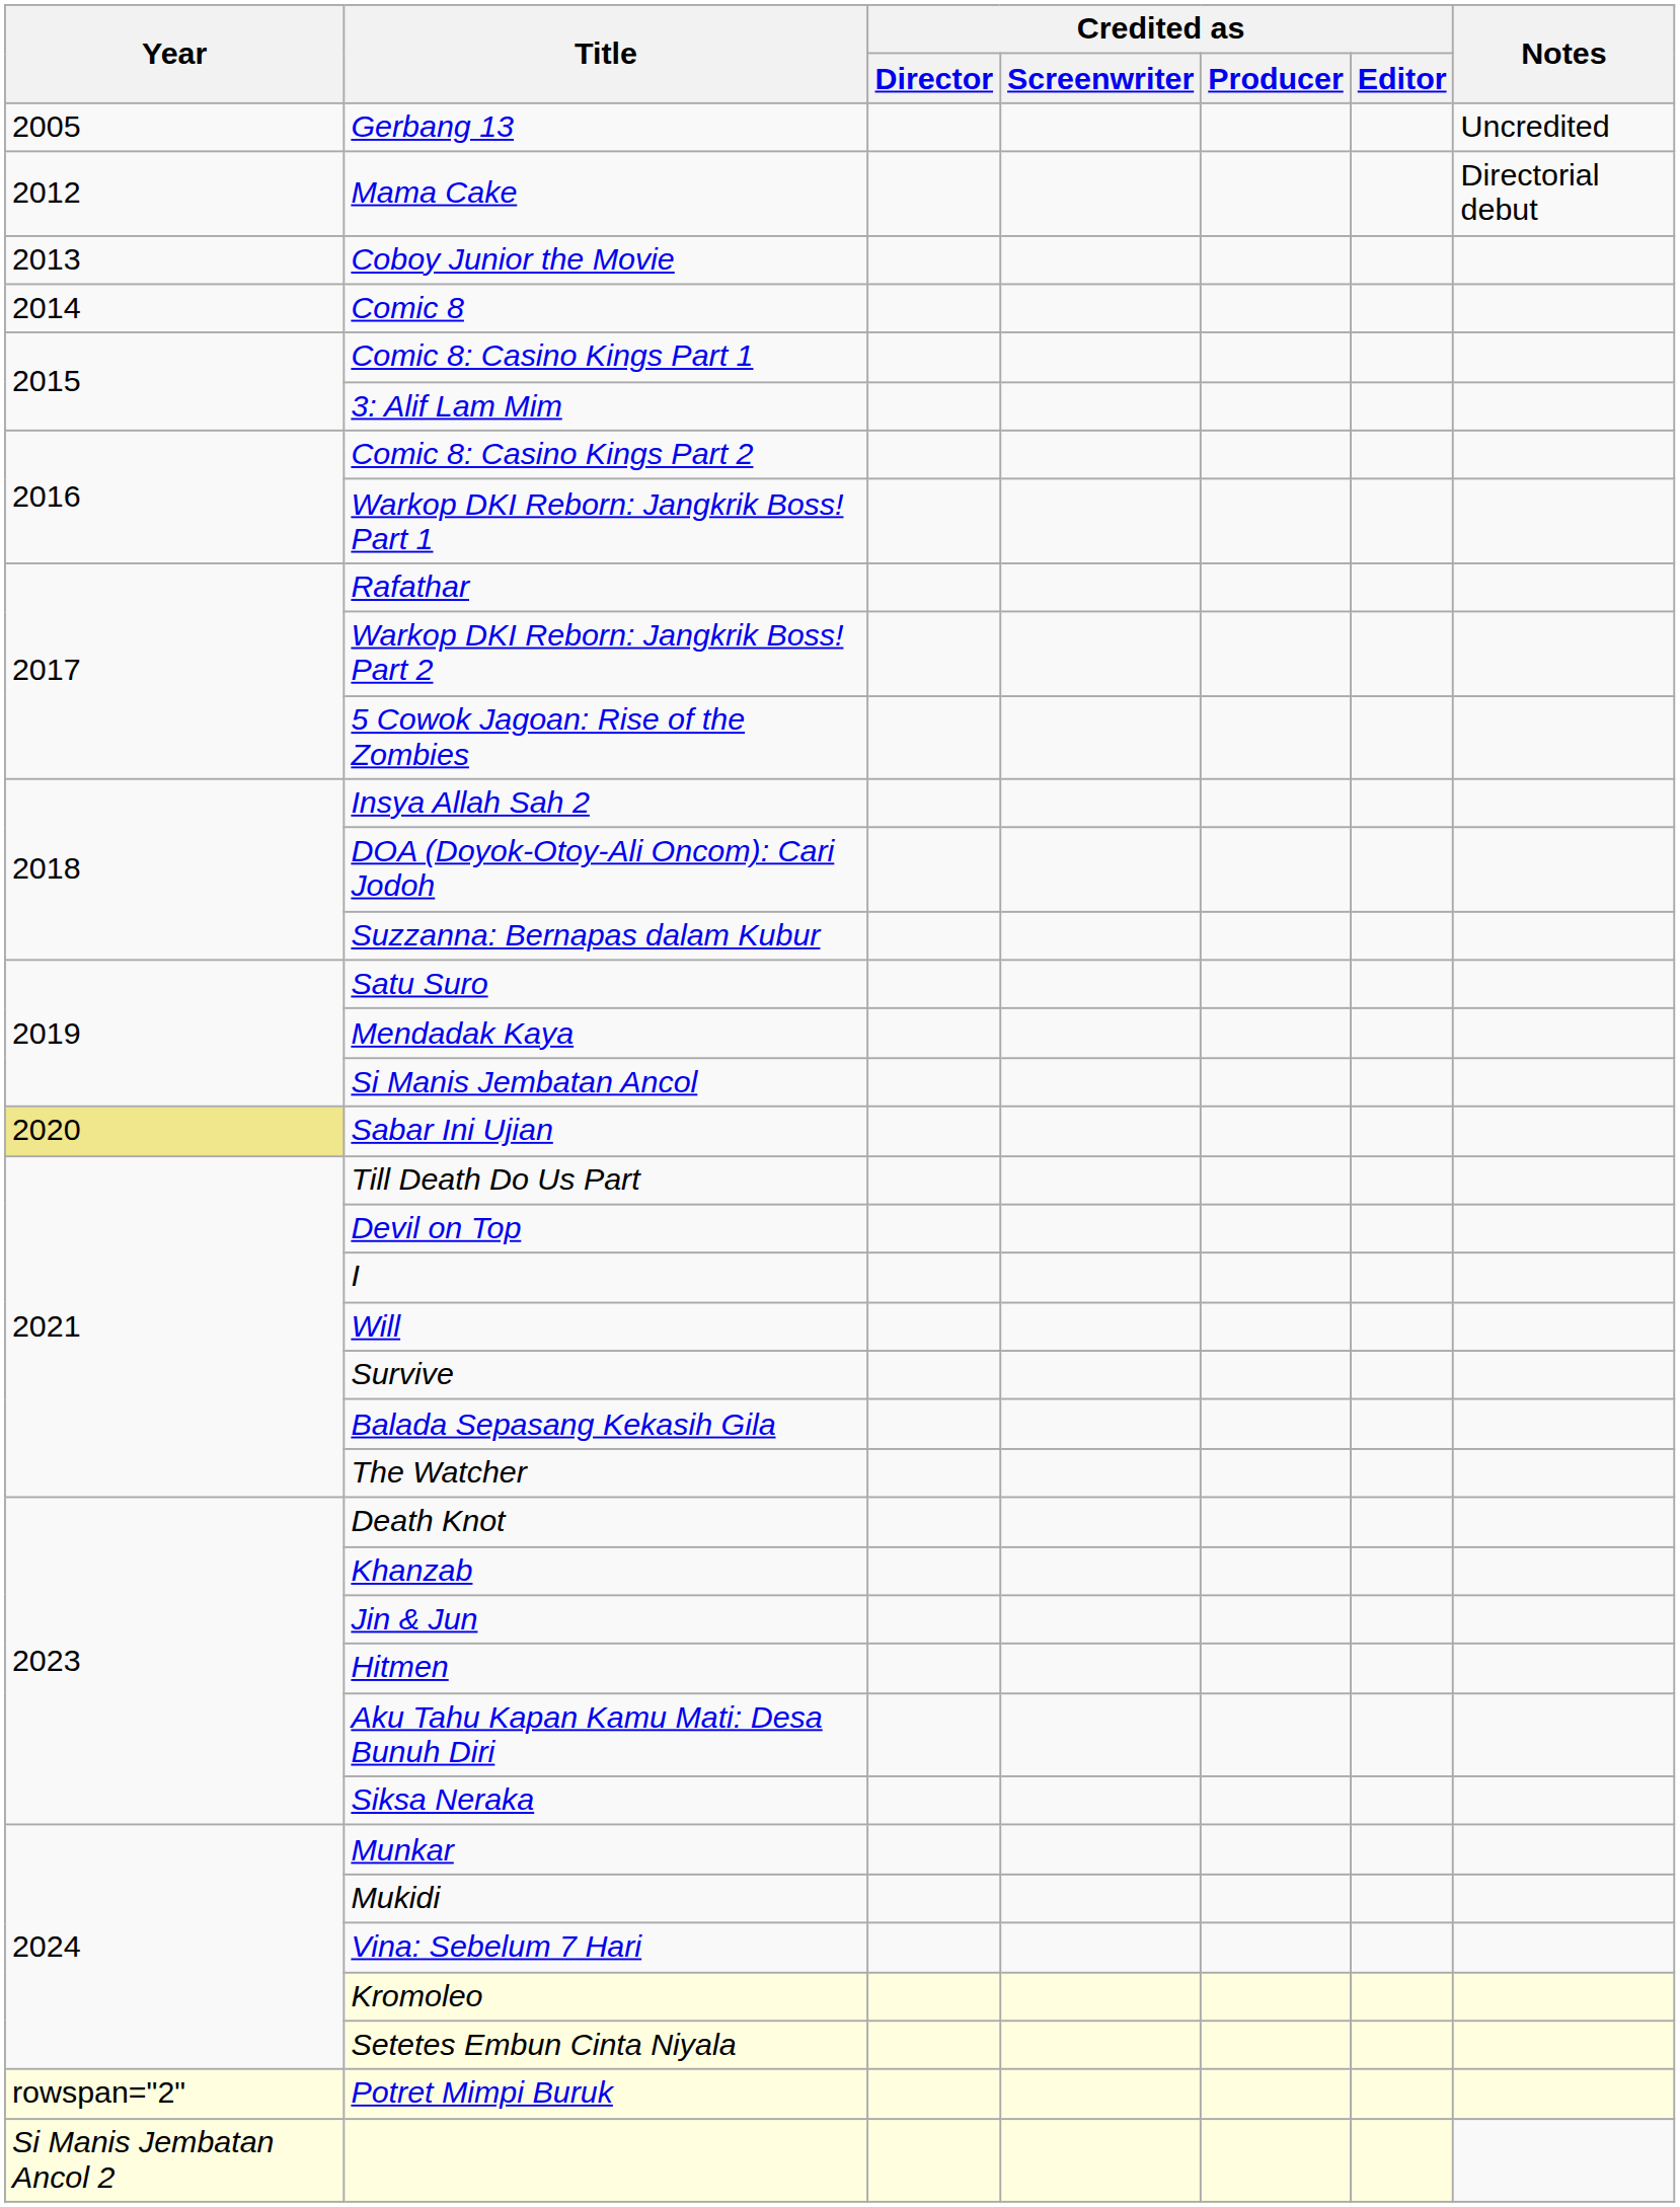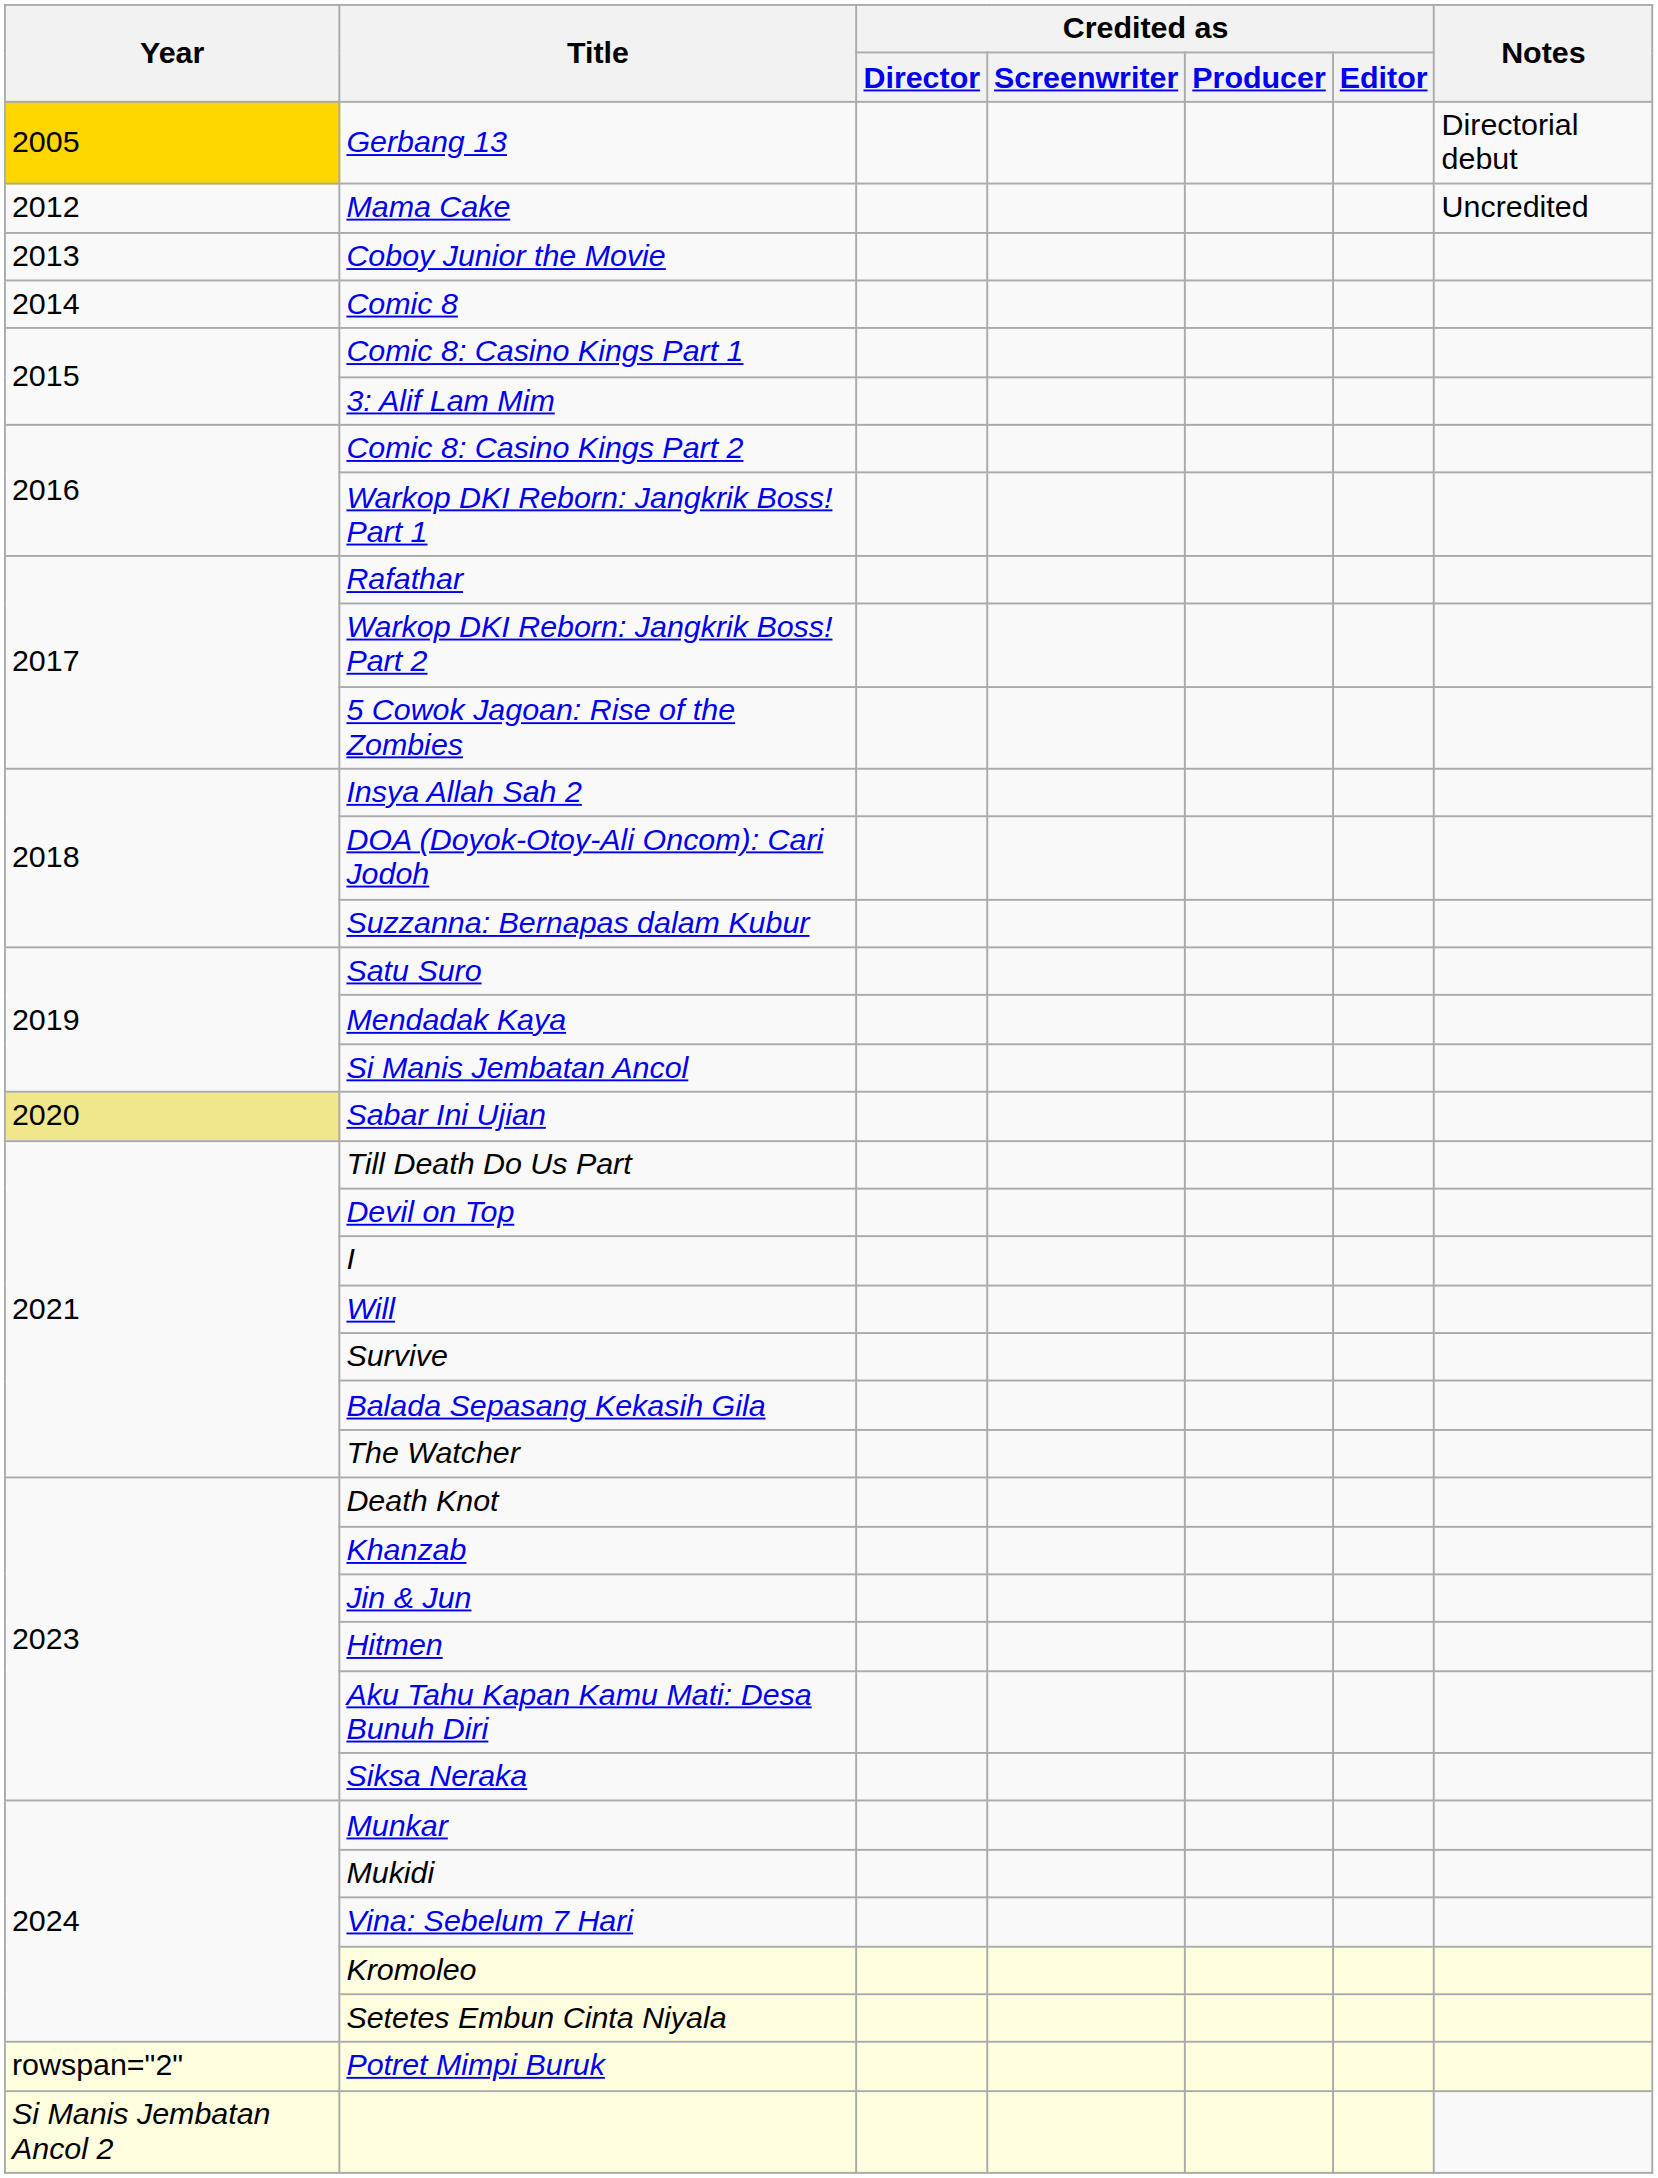 <table class="wikitable plainrowheaders sortable">
 <tr>
 <th rowspan="2" scope="col">Year</th>
 <th rowspan="2" scope="col">Title</th>
 <th colspan="4">Credited as</th>
 <th rowspan="2" scope="col" class="unsortable">Notes</th>
 </tr>
 <tr>
 <th><a href='#'>Director</a></th>
 <th><a href='#'>Screenwriter</a></th>
 <th><a href='#'>Producer</a></th>
 <th><a href='#'>Editor</a></th>
 </tr>
 <tr>
-<td>2005</td>
+<td style="background: gold;">2005</td>
 <td><em><a href='#'>Gerbang 13</a></em></td>
 <td></td>
 <td></td>
 <td></td>
 <td></td>
-<td>Uncredited</td>
+<td>Directorial debut</td>
 </tr>
 <tr>
 <td>2012</td>
 <td><em><a href='#'>Mama Cake</a></em></td>
 <td></td>
 <td></td>
 <td></td>
 <td></td>
-<td>Directorial debut</td>
+<td>Uncredited</td>
 </tr>
 <tr>
 <td>2013</td>
 <td><em><a href='#'>Coboy Junior the Movie</a></em></td>
 <td></td>
 <td></td>
 <td></td>
 <td></td>
 <td></td>
 </tr>
 <tr>
 <td>2014</td>
 <td><em><a href='#'>Comic 8</a></em></td>
 <td></td>
 <td></td>
 <td></td>
 <td></td>
 <td></td>
 </tr>
 <tr>
 <td rowspan="2">2015</td>
 <td><em><a href='#'>Comic 8: Casino Kings Part 1</a></em></td>
 <td></td>
 <td></td>
 <td></td>
 <td></td>
 <td></td>
 </tr>
 <tr>
 <td><em><a href='#'>3: Alif Lam Mim</a></em></td>
 <td></td>
 <td></td>
 <td></td>
 <td></td>
 <td></td>
 </tr>
 <tr>
 <td rowspan="2">2016</td>
 <td><em><a href='#'>Comic 8: Casino Kings Part 2</a></em></td>
 <td></td>
 <td></td>
 <td></td>
 <td></td>
 <td></td>
 </tr>
 <tr>
 <td><em><a href='#'>Warkop DKI Reborn: Jangkrik Boss! Part 1</a></em></td>
 <td></td>
 <td></td>
 <td></td>
 <td></td>
 <td></td>
 </tr>
 <tr>
 <td rowspan="3">2017</td>
 <td><em><a href='#'>Rafathar</a></em></td>
 <td></td>
 <td></td>
 <td></td>
 <td></td>
 <td></td>
 </tr>
 <tr>
 <td><em><a href='#'>Warkop DKI Reborn: Jangkrik Boss! Part 2</a></em></td>
 <td></td>
 <td></td>
 <td></td>
 <td></td>
 <td></td>
 </tr>
 <tr>
 <td><em><a href='#'>5 Cowok Jagoan: Rise of the Zombies</a></em></td>
 <td></td>
 <td></td>
 <td></td>
 <td></td>
 <td></td>
 </tr>
 <tr>
 <td rowspan="3">2018</td>
 <td><em><a href='#'>Insya Allah Sah 2</a></em></td>
 <td></td>
 <td></td>
 <td></td>
 <td></td>
 <td></td>
 </tr>
 <tr>
 <td><em><a href='#'>DOA (Doyok-Otoy-Ali Oncom): Cari Jodoh</a></em></td>
 <td></td>
 <td></td>
 <td></td>
 <td></td>
 <td></td>
 </tr>
 <tr>
 <td><em><a href='#'>Suzzanna: Bernapas dalam Kubur</a></em></td>
 <td></td>
 <td></td>
 <td></td>
 <td></td>
 <td></td>
 </tr>
 <tr>
 <td rowspan="3">2019</td>
 <td><em><a href='#'>Satu Suro</a></em></td>
 <td></td>
 <td></td>
 <td></td>
 <td></td>
 <td></td>
 </tr>
 <tr>
 <td><em><a href='#'>Mendadak Kaya</a></em></td>
 <td></td>
 <td></td>
 <td></td>
 <td></td>
 <td></td>
 </tr>
 <tr>
 <td><em><a href='#'>Si Manis Jembatan Ancol</a></em></td>
 <td></td>
 <td></td>
 <td></td>
 <td></td>
 <td></td>
 </tr>
 <tr>
 <td style="background: khaki;">2020</td>
 <td><em><a href='#'>Sabar Ini Ujian</a></em></td>
 <td></td>
 <td></td>
 <td></td>
 <td></td>
 <td></td>
 </tr>
 <tr>
 <td rowspan="7">2021</td>
 <td><em>Till Death Do Us Part</em></td>
 <td></td>
 <td></td>
 <td></td>
 <td></td>
 <td></td>
 </tr>
 <tr>
 <td><em><a href='#'>Devil on Top</a></em></td>
 <td></td>
 <td></td>
 <td></td>
 <td></td>
 <td></td>
 </tr>
 <tr>
 <td><em>I</em></td>
 <td></td>
 <td></td>
 <td></td>
 <td></td>
 <td></td>
 </tr>
 <tr>
 <td><em><a href='#'>Will</a></em></td>
 <td></td>
 <td></td>
 <td></td>
 <td></td>
 <td></td>
 </tr>
 <tr>
 <td><em>Survive</em></td>
 <td></td>
 <td></td>
 <td></td>
 <td></td>
 <td></td>
 </tr>
 <tr>
 <td><em><a href='#'>Balada Sepasang Kekasih Gila</a></em></td>
 <td></td>
 <td></td>
 <td></td>
 <td></td>
 <td></td>
 </tr>
 <tr>
 <td><em>The Watcher</em></td>
 <td></td>
 <td></td>
 <td></td>
 <td></td>
 <td></td>
 </tr>
 <tr>
 <td rowspan="6">2023</td>
 <td><em>Death Knot</em></td>
 <td></td>
 <td></td>
 <td></td>
 <td></td>
 <td></td>
 </tr>
 <tr>
 <td><em><a href='#'>Khanzab</a></em></td>
 <td></td>
 <td></td>
 <td></td>
 <td></td>
 <td></td>
 </tr>
 <tr>
 <td><em><a href='#'>Jin & Jun</a></em></td>
 <td></td>
 <td></td>
 <td></td>
 <td></td>
 <td></td>
 </tr>
 <tr>
 <td><em><a href='#'>Hitmen</a></em></td>
 <td></td>
 <td></td>
 <td></td>
 <td></td>
 <td></td>
 </tr>
 <tr>
 <td><em><a href='#'>Aku Tahu Kapan Kamu Mati: Desa Bunuh Diri</a></em></td>
 <td></td>
 <td></td>
 <td></td>
 <td></td>
 <td></td>
 </tr>
 <tr>
 <td><em><a href='#'>Siksa Neraka</a></em></td>
 <td></td>
 <td></td>
 <td></td>
 <td></td>
 <td></td>
 </tr>
 <tr>
 <td rowspan="5">2024</td>
 <td><em><a href='#'>Munkar</a></em></td>
 <td></td>
 <td></td>
 <td></td>
 <td></td>
 <td></td>
 </tr>
 <tr>
 <td><em>Mukidi</em></td>
 <td></td>
 <td></td>
 <td></td>
 <td></td>
 <td></td>
 </tr>
 <tr>
 <td><em><a href='#'>Vina: Sebelum 7 Hari</a></em></td>
 <td></td>
 <td></td>
 <td></td>
 <td></td>
 <td></td>
 </tr>
 <tr style="background-color:#FFFFE0; color:black;">
 <td><em>Kromoleo</em></td>
 <td></td>
 <td></td>
 <td></td>
 <td></td>
 <td></td>
 </tr>
 <tr style="background-color:#FFFFE0; color:black;">
 <td><em>Setetes Embun Cinta Niyala</em></td>
 <td></td>
 <td></td>
 <td></td>
 <td></td>
 <td></td>
 </tr>
 <tr style="background-color:#FFFFE0; color:black;">
 <td>rowspan="2" </td>
 <td><em><a href='#'>Potret Mimpi Buruk</a></em></td>
 <td></td>
 <td></td>
 <td></td>
 <td></td>
 <td></td>
 </tr>
 <tr style="background-color:#FFFFE0; color:black;">
 <td><em>Si Manis Jembatan Ancol 2</em></td>
 <td></td>
 <td></td>
 <td></td>
 <td></td>
 <td></td>
 </tr>
 </table>
